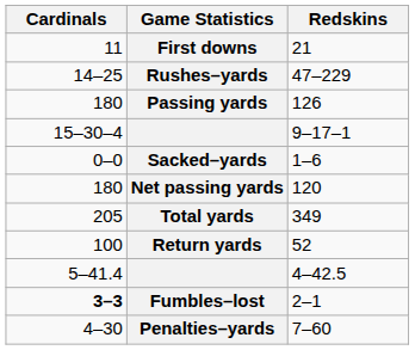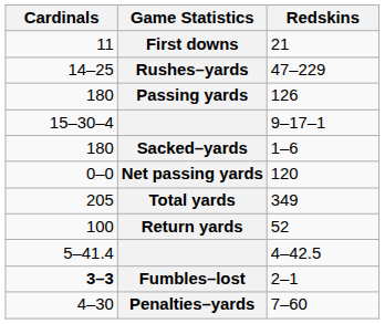 <table class="wikitable" style="margin: 1em auto 1em auto">
 <tr>
 <th style="width:30%;">Cardinals</th>
 <th style="width:40%;">Game Statistics</th>
 <th style="width:30%;">Redskins</th>
 </tr>
 <tr>
 <td style="text-align:right;">11</td>
 <th>First downs</th>
 <td>21</td>
 </tr>
 <tr>
 <td style="text-align:right;">14–25</td>
 <th>Rushes–yards</th>
 <td>47–229</td>
 </tr>
 <tr>
 <td style="text-align:right;">180</td>
 <th>Passing yards</th>
 <td>126</td>
 </tr>
 <tr>
 <td style="text-align:right;">15–30–4</td>
 <th></th>
 <td>9–17–1</td>
 </tr>
 <tr>
-<td style="text-align:right;">0–0</td>
+<td style="text-align:right;">180</td>
 <th>Sacked–yards</th>
 <td>1–6</td>
 </tr>
 <tr>
-<td style="text-align:right;">180</td>
+<td style="text-align:right;">0–0</td>
 <th>Net passing yards</th>
 <td>120</td>
 </tr>
 <tr>
 <td style="text-align:right;">205</td>
 <th>Total yards</th>
 <td>349</td>
 </tr>
 <tr>
 <td style="text-align:right;">100</td>
 <th>Return yards</th>
 <td>52</td>
 </tr>
 <tr>
 <td style="text-align:right;">5–41.4</td>
 <th></th>
 <td>4–42.5</td>
 </tr>
 <tr>
 <td style="text-align:right;"><strong>3–3</strong></td>
 <th>Fumbles–lost</th>
 <td>2–1</td>
 </tr>
 <tr>
 <td style="text-align:right;">4–30</td>
 <th>Penalties–yards</th>
 <td>7–60</td>
 </tr>
 </table>
